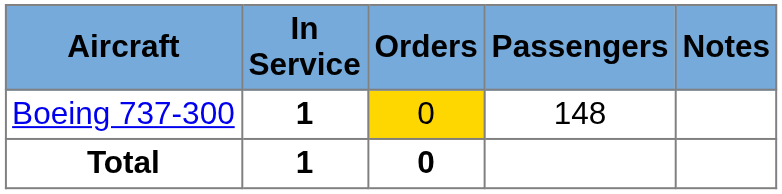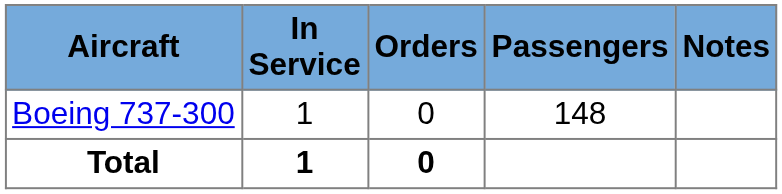 <table class="toccolours" border="1" cellpadding="3" style="margin:1em auto; border-collapse:collapse">
 <tr bgcolor=#75aadb>
 <th>Aircraft</th>
 <th>In<br>Service</th>
 <th>Orders</th>
 <th>Passengers</th>
 <th>Notes</th>
 </tr>
 <tr>
 <td><a href='#'>Boeing 737-300</a></td>
-<td style="text-align:center"><strong>1</strong></td>
-<td style="background: gold; text-align:center">0</td>
+<td style="text-align:center">1</td>
+<td style="text-align:center">0</td>
 <td style="text-align:center">148</td>
 <td></td>
 </tr>
 <tr>
 <th>Total</th>
 <th style="text-align:center">1</th>
 <th style="text-align:center">0</th>
 <th></th>
 <th colspan="2"></th>
 </tr>
 </table>
